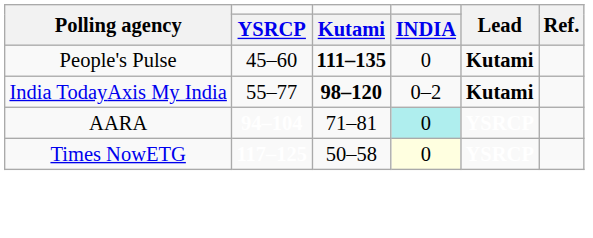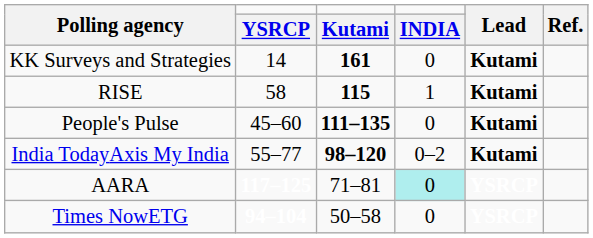 <table class="wikitable sortable" style="text-align:center;font-size:95%;line-height:16px">
 <tr>
 <th rowspan="2">Polling agency</th>
 <td style="background:"></td>
 <td style="background:"></td>
 <td style="background:"></td>
 <th rowspan="2">Lead</th>
 <th rowspan="2">Ref.</th>
 </tr>
 <tr>
 <th><a href='#'>YSRCP</a></th>
 <th><a href='#'>Kutami</a></th>
 <th><a href='#'>INDIA</a></th>
+</tr>
+<tr>
+<td>KK Surveys and Strategies</td>
+<td>14</td>
+<td style="color:black; background:"><strong>161</strong></td>
+<td>0</td>
+<td style="color:black; background:"><strong>Kutami</strong></td>
+<td></td>
+</tr>
+<tr>
+<td>RISE</td>
+<td>58</td>
+<td style="color:black; background:"><strong>115</strong></td>
+<td>1</td>
+<td style="color:black; background:"><strong>Kutami</strong></td>
+<td></td>
 </tr>
 <tr>
 <td>People's Pulse</td>
 <td>45–60</td>
 <td style="color:black; background:"><strong>111–135</strong></td>
 <td>0</td>
 <td style="color:black; background:"><strong>Kutami</strong></td>
 <td></td>
 </tr>
 <tr>
 <td><a href='#'>India Today</a><a href='#'>Axis My India</a></td>
 <td>55–77</td>
 <td style="color:black; background:"><strong>98–120</strong></td>
 <td>0–2</td>
 <td style="color:black; background:"><strong>Kutami</strong></td>
 <td></td>
 </tr>
 <tr>
 <td>AARA</td>
-<td style="color:white; background:"><strong>94–104</strong></td>
+<td style="color:white; background:"><strong>117–125</strong></td>
 <td>71–81</td>
 <td style="background: paleturquoise;">0</td>
 <td style="color:white; background:"><strong>YSRCP</strong></td>
 <td></td>
 </tr>
 <tr>
 <td><a href='#'>Times Now</a><a href='#'>ETG</a></td>
-<td style="color:white; background:"><strong>117–125</strong></td>
+<td style="color:white; background:"><strong>94–104</strong></td>
 <td>50–58</td>
-<td style="background: lightyellow;">0</td>
+<td>0</td>
 <td style="color:white; background:"><strong>YSRCP</strong></td>
 <td></td>
 </tr>
 </table>
